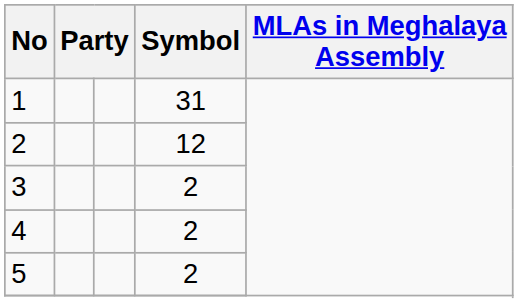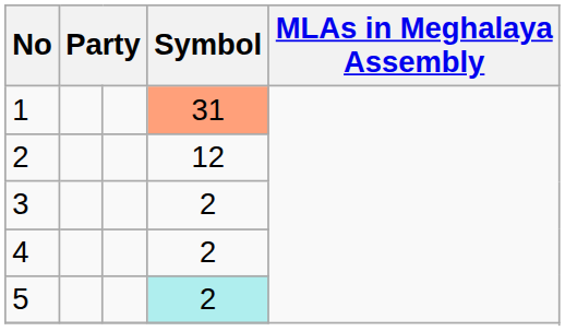 <table class="wikitable sortable">
 <tr>
 <th>No</th>
 <th colspan=2>Party</th>
 <th>Symbol</th>
 <th><a href='#'>MLAs in Meghalaya <br>Assembly</a></th>
 </tr>
 <tr>
 <td>1</td>
 <td></td>
 <td></td>
-<td style="text-align: center;">31</td>
+<td style="background: lightsalmon; text-align: center;">31</td>
 </tr>
 <tr>
 <td>2</td>
 <td></td>
 <td></td>
 <td style="text-align: center;">12</td>
 </tr>
 <tr>
 <td>3</td>
 <td></td>
 <td></td>
 <td style="text-align: center;">2</td>
 </tr>
 <tr>
 <td>4</td>
 <td></td>
 <td></td>
 <td style="text-align: center;">2</td>
 </tr>
 <tr>
 <td>5</td>
 <td></td>
 <td></td>
-<td style="text-align: center;">2</td>
+<td style="background: paleturquoise; text-align: center;">2</td>
 </tr>
 <tr>
 </tr>
 </table>
